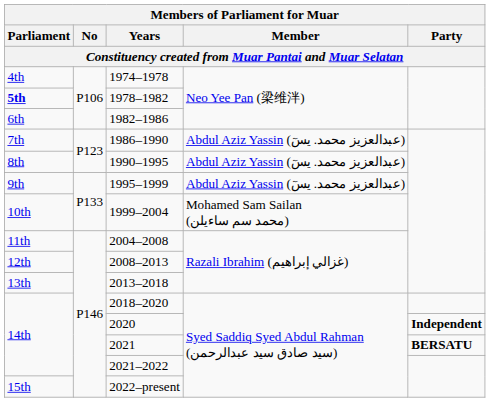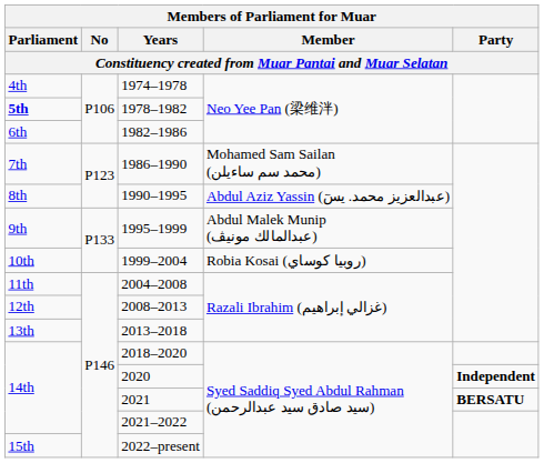 <table class=wikitable>
 <tr>
 <th colspan="5">Members of Parliament for Muar</th>
 </tr>
 <tr>
 <th>Parliament</th>
 <th>No</th>
 <th>Years</th>
 <th>Member</th>
 <th>Party</th>
 </tr>
 <tr>
 <th colspan="5" align="center"><em>Constituency created from <a href='#'>Muar Pantai</a> and <a href='#'>Muar Selatan</a></em></th>
 </tr>
 <tr>
 <td><a href='#'>4th</a></td>
 <td rowspan="3">P106</td>
 <td>1974–1978</td>
 <td rowspan=3><a href='#'>Neo Yee Pan</a> (梁维泮)</td>
 <td rowspan="3"></td>
 </tr>
 <tr>
 <td><strong><a href='#'>5th</a></strong></td>
 <td>1978–1982</td>
 </tr>
 <tr>
 <td><a href='#'>6th</a></td>
 <td>1982–1986</td>
 </tr>
 <tr>
 <td><a href='#'>7th</a></td>
 <td rowspan="2">P123</td>
 <td>1986–1990</td>
-<td><a href='#'>Abdul Aziz Yassin</a> (عبدالعزيز محمد. يسٓ)</td>
+<td>Mohamed Sam Sailan <br> (محمد سم ساءيلن)</td>
 <td rowspan=7></td>
 </tr>
 <tr>
 <td><a href='#'>8th</a></td>
 <td>1990–1995</td>
 <td><a href='#'>Abdul Aziz Yassin</a> (عبدالعزيز محمد. يسٓ)</td>
 </tr>
 <tr>
 <td><a href='#'>9th</a></td>
 <td rowspan="2">P133</td>
 <td>1995–1999</td>
-<td><a href='#'>Abdul Aziz Yassin</a> (عبدالعزيز محمد. يسٓ)</td>
+<td>Abdul Malek Munip  <br>(عبدالمالك مونيڤ)</td>
 </tr>
 <tr>
 <td><a href='#'>10th</a></td>
 <td>1999–2004</td>
-<td>Mohamed Sam Sailan <br> (محمد سم ساءيلن)</td>
+<td>Robia Kosai (روبيا كوساي)</td>
 </tr>
 <tr>
 <td><a href='#'>11th</a></td>
 <td rowspan="8">P146</td>
 <td>2004–2008</td>
 <td rowspan=3><a href='#'>Razali Ibrahim</a> (غزالي إبراهيم)</td>
 </tr>
 <tr>
 <td><a href='#'>12th</a></td>
 <td>2008–2013</td>
 </tr>
 <tr>
 <td><a href='#'>13th</a></td>
 <td>2013–2018</td>
 </tr>
 <tr>
 <td rowspan="4"><a href='#'>14th</a></td>
 <td>2018–2020</td>
 <td rowspan="5"><a href='#'>Syed Saddiq Syed Abdul Rahman</a> <br> (سيد صادق سيد عبدالرحمن)</td>
 <td></td>
 </tr>
 <tr>
 <td>2020</td>
 <td><strong>Independent</strong></td>
 </tr>
 <tr>
 <td>2021</td>
 <td><strong>BERSATU</strong></td>
 </tr>
 <tr>
 <td>2021–2022</td>
 <td rowspan="2"></td>
 </tr>
 <tr>
 <td><a href='#'>15th</a></td>
 <td>2022–present</td>
 </tr>
 </table>
